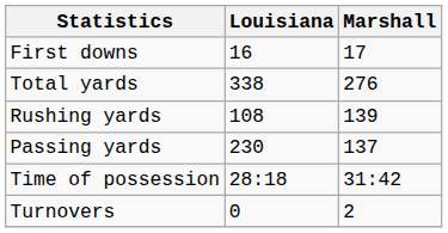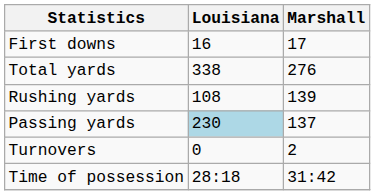 <table class="wikitable">
 <tr>
 <th>Statistics</th>
 <th>Louisiana</th>
 <th>Marshall</th>
 </tr>
 <tr>
 <td>First downs</td>
 <td>16</td>
 <td>17</td>
 </tr>
 <tr>
 <td>Total yards</td>
 <td>338</td>
 <td>276</td>
 </tr>
 <tr>
 <td>Rushing yards</td>
 <td>108</td>
 <td>139</td>
 </tr>
 <tr>
 <td>Passing yards</td>
-<td>230</td>
+<td style="background: lightblue;">230</td>
 <td>137</td>
+</tr>
+<tr>
+<td>Turnovers</td>
+<td>0</td>
+<td>2</td>
 </tr>
 <tr>
 <td>Time of possession</td>
 <td>28:18</td>
 <td>31:42</td>
 </tr>
 <tr>
-<td>Turnovers</td>
-<td>0</td>
-<td>2</td>
-</tr>
-<tr>
 </tr>
 </table>
